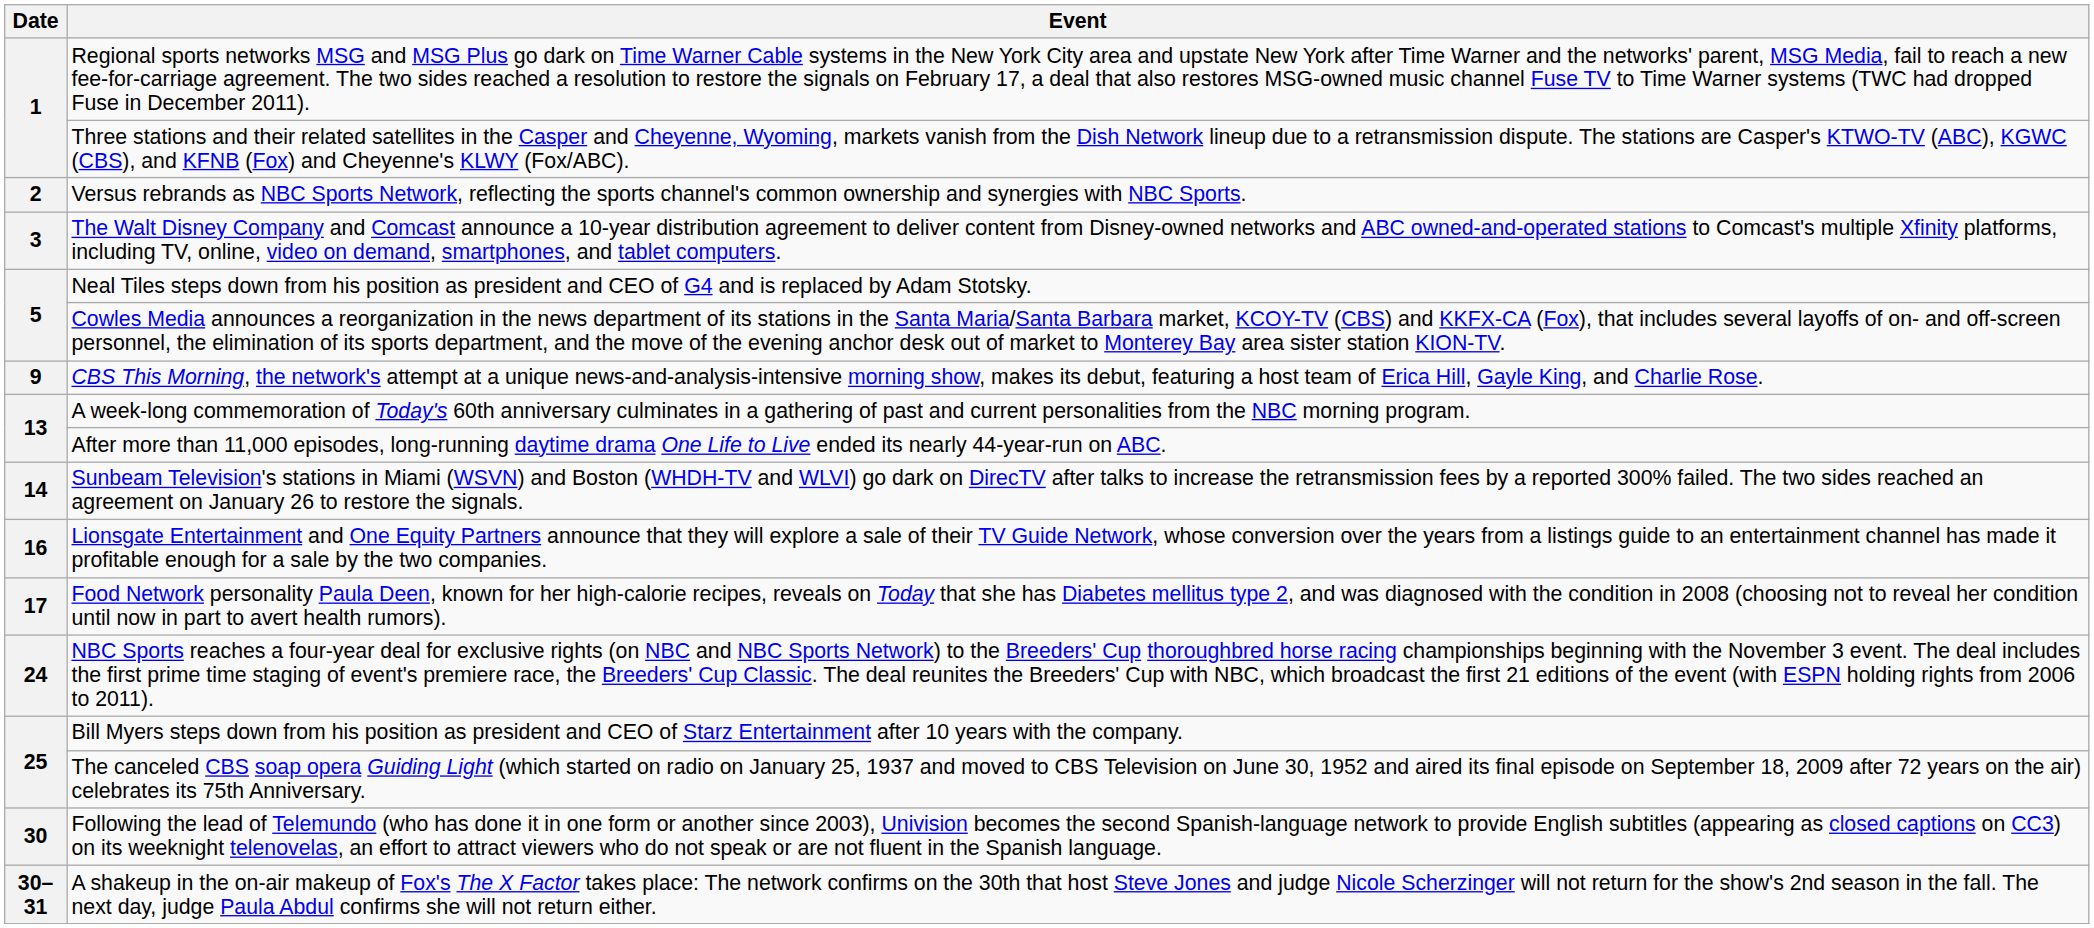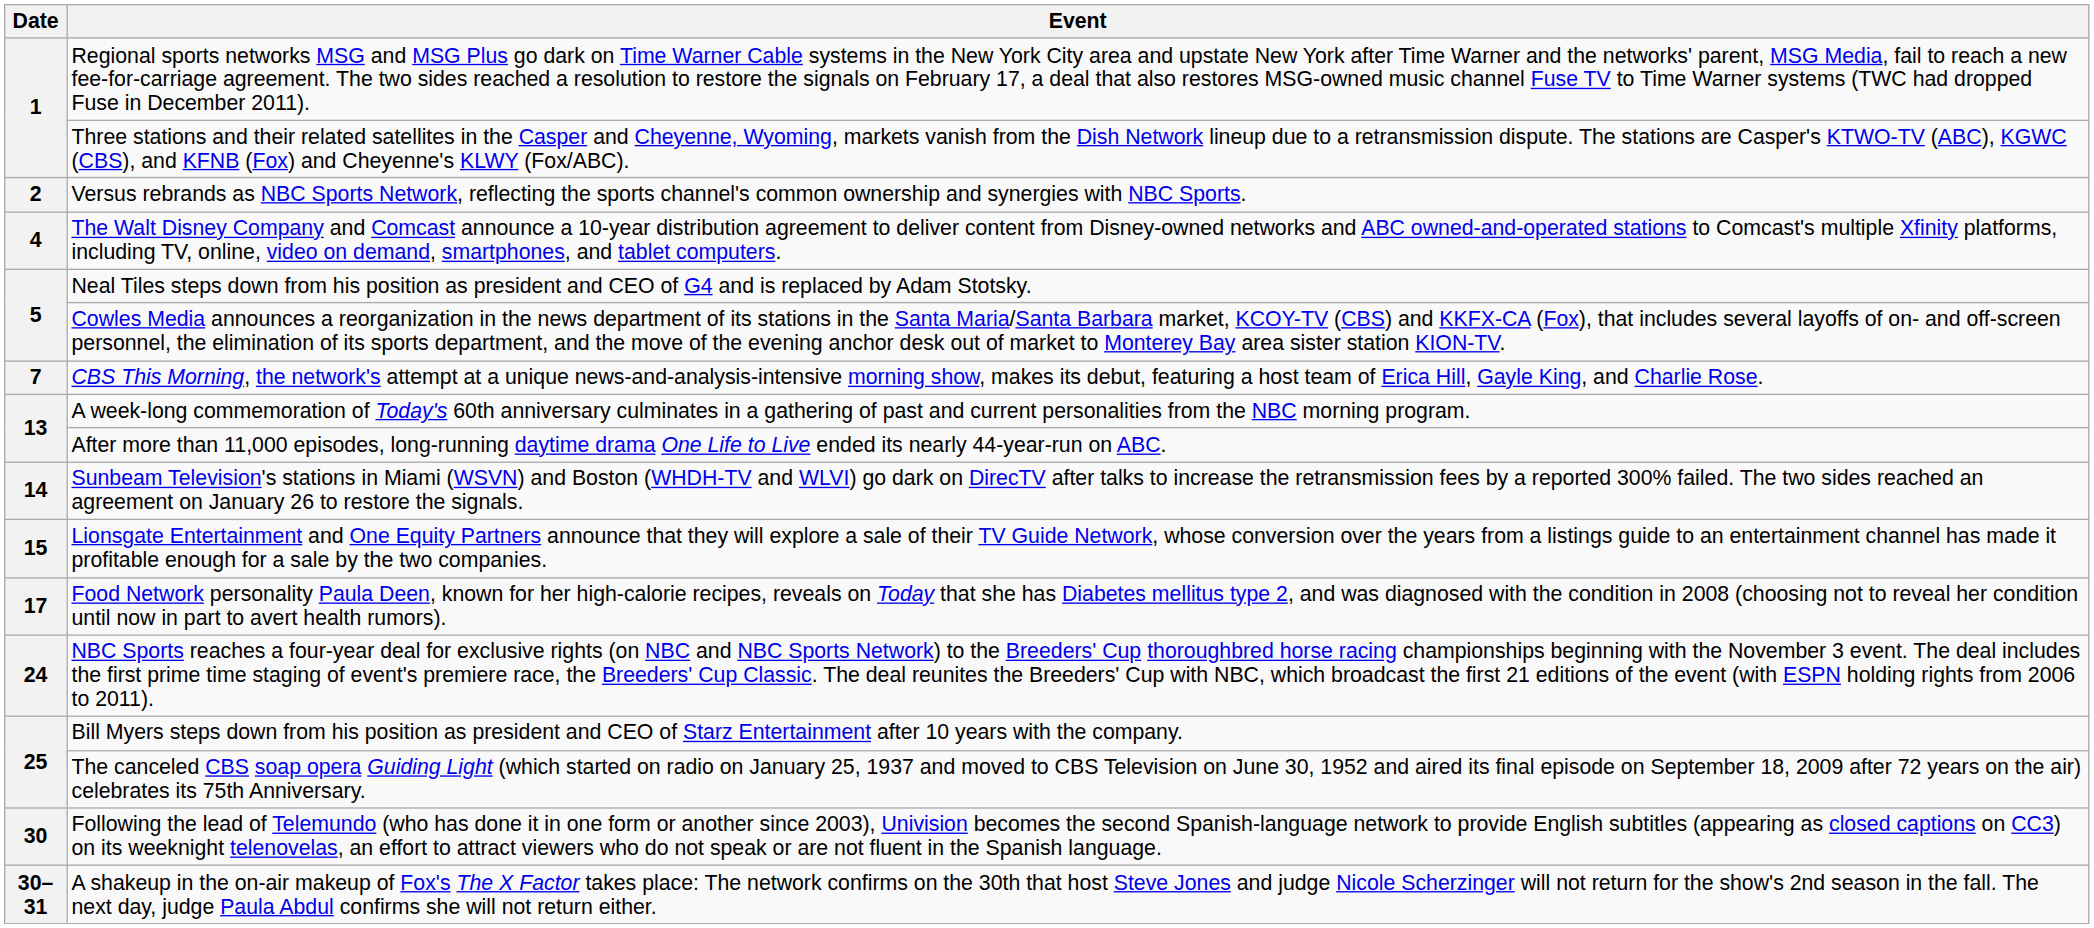 <table class="wikitable">
 <tr>
 <th>Date</th>
 <th>Event</th>
 </tr>
 <tr>
 <th rowspan="2">1</th>
 <td>Regional sports networks <a href='#'>MSG</a> and <a href='#'>MSG Plus</a> go dark on <a href='#'>Time Warner Cable</a> systems in the New York City area and upstate New York after Time Warner and the networks' parent, <a href='#'>MSG Media</a>, fail to reach a new fee-for-carriage agreement. The two sides reached a resolution to restore the signals on February 17, a deal that also restores MSG-owned music channel <a href='#'>Fuse TV</a> to Time Warner systems (TWC had dropped Fuse in December 2011).</td>
 </tr>
 <tr>
 <td>Three stations and their related satellites in the <a href='#'>Casper</a> and <a href='#'>Cheyenne, Wyoming</a>, markets vanish from the <a href='#'>Dish Network</a> lineup due to a retransmission dispute. The stations are Casper's <a href='#'>KTWO-TV</a> (<a href='#'>ABC</a>), <a href='#'>KGWC</a> (<a href='#'>CBS</a>), and <a href='#'>KFNB</a> (<a href='#'>Fox</a>) and Cheyenne's <a href='#'>KLWY</a> (Fox/ABC).</td>
 </tr>
 <tr>
 <th>2</th>
 <td>Versus rebrands as <a href='#'>NBC Sports Network</a>, reflecting the sports channel's common ownership and synergies with <a href='#'>NBC Sports</a>.</td>
 </tr>
 <tr>
-<th>3</th>
+<th>4</th>
 <td><a href='#'>The Walt Disney Company</a> and <a href='#'>Comcast</a> announce a 10-year distribution agreement to deliver content from Disney-owned networks and <a href='#'>ABC owned-and-operated stations</a> to Comcast's multiple <a href='#'>Xfinity</a> platforms, including TV, online, <a href='#'>video on demand</a>, <a href='#'>smartphones</a>, and <a href='#'>tablet computers</a>.</td>
 </tr>
 <tr>
 <th rowspan="2">5</th>
 <td>Neal Tiles steps down from his position as president and CEO of <a href='#'>G4</a> and is replaced by Adam Stotsky.</td>
 </tr>
 <tr>
 <td><a href='#'>Cowles Media</a> announces a reorganization in the news department of its stations in the <a href='#'>Santa Maria</a>/<a href='#'>Santa Barbara</a> market, <a href='#'>KCOY-TV</a> (<a href='#'>CBS</a>) and <a href='#'>KKFX-CA</a> (<a href='#'>Fox</a>), that includes several layoffs of on- and off-screen personnel, the elimination of its sports department, and the move of the evening anchor desk out of market to <a href='#'>Monterey Bay</a> area sister station <a href='#'>KION-TV</a>.</td>
 </tr>
 <tr>
-<th>9</th>
+<th>7</th>
 <td><em><a href='#'>CBS This Morning</a></em>, <a href='#'>the network's</a> attempt at a unique news-and-analysis-intensive <a href='#'>morning show</a>, makes its debut, featuring a host team of <a href='#'>Erica Hill</a>, <a href='#'>Gayle King</a>, and <a href='#'>Charlie Rose</a>.</td>
 </tr>
 <tr>
 <th rowspan="2">13</th>
 <td>A week-long commemoration of <em><a href='#'>Today's</a></em> 60th anniversary culminates in a gathering of past and current personalities from the <a href='#'>NBC</a> morning program.</td>
 </tr>
 <tr>
 <td>After more than 11,000 episodes, long-running <a href='#'>daytime drama</a> <em><a href='#'>One Life to Live</a></em> ended its nearly 44-year-run on <a href='#'>ABC</a>.</td>
 </tr>
 <tr>
 <th>14</th>
 <td><a href='#'>Sunbeam Television</a>'s stations in Miami (<a href='#'>WSVN</a>) and Boston (<a href='#'>WHDH-TV</a> and <a href='#'>WLVI</a>) go dark on <a href='#'>DirecTV</a> after talks to increase the retransmission fees by a reported 300% failed. The two sides reached an agreement on January 26 to restore the signals.</td>
 </tr>
 <tr>
-<th>16</th>
+<th>15</th>
 <td><a href='#'>Lionsgate Entertainment</a> and <a href='#'>One Equity Partners</a> announce that they will explore a sale of their <a href='#'>TV Guide Network</a>, whose conversion over the years from a listings guide to an entertainment channel has made it profitable enough for a sale by the two companies.</td>
 </tr>
 <tr>
 <th>17</th>
 <td><a href='#'>Food Network</a> personality <a href='#'>Paula Deen</a>, known for her high-calorie recipes, reveals on <em><a href='#'>Today</a></em> that she has <a href='#'>Diabetes mellitus type 2</a>, and was diagnosed with the condition in 2008 (choosing not to reveal her condition until now in part to avert health rumors).</td>
 </tr>
 <tr>
 <th>24</th>
 <td><a href='#'>NBC Sports</a> reaches a four-year deal for exclusive rights (on <a href='#'>NBC</a> and <a href='#'>NBC Sports Network</a>) to the <a href='#'>Breeders' Cup</a> <a href='#'>thoroughbred horse racing</a> championships beginning with the November 3 event. The deal includes the first prime time staging of event's premiere race, the <a href='#'>Breeders' Cup Classic</a>. The deal reunites the Breeders' Cup with NBC, which broadcast the first 21 editions of the event (with <a href='#'>ESPN</a> holding rights from 2006 to 2011).</td>
 </tr>
 <tr>
 <th rowspan="2">25</th>
 <td>Bill Myers steps down from his position as president and CEO of <a href='#'>Starz Entertainment</a> after 10 years with the company.</td>
 </tr>
 <tr>
 <td>The canceled <a href='#'>CBS</a> <a href='#'>soap opera</a> <em><a href='#'>Guiding Light</a></em> (which started on radio on January 25, 1937 and moved to CBS Television on June 30, 1952 and aired its final episode on September 18, 2009 after 72 years on the air) celebrates its 75th Anniversary.</td>
 </tr>
 <tr>
 <th>30</th>
 <td>Following the lead of <a href='#'>Telemundo</a> (who has done it in one form or another since 2003), <a href='#'>Univision</a> becomes the second Spanish-language network to provide English subtitles (appearing as <a href='#'>closed captions</a> on <a href='#'>CC3</a>) on its weeknight <a href='#'>telenovelas</a>, an effort to attract viewers who do not speak or are not fluent in the Spanish language.</td>
 </tr>
 <tr>
 <th>30–31</th>
 <td>A shakeup in the on-air makeup of <a href='#'>Fox's</a> <em><a href='#'>The X Factor</a></em> takes place: The network confirms on the 30th that host <a href='#'>Steve Jones</a> and judge <a href='#'>Nicole Scherzinger</a> will not return for the show's 2nd season in the fall. The next day, judge <a href='#'>Paula Abdul</a> confirms she will not return either.</td>
 </tr>
 </table>
